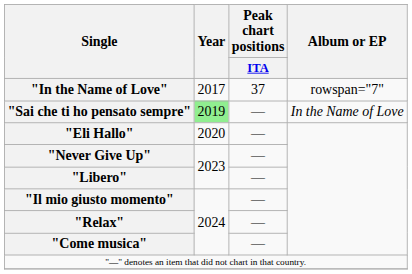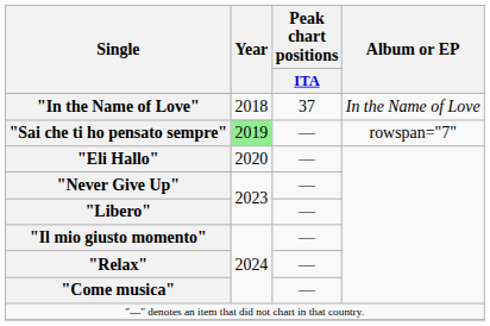 <table class="wikitable plainrowheaders" style="text-align:center;">
 <tr>
 <th scope="col" rowspan="2">Single</th>
 <th scope="col" rowspan="2">Year</th>
 <th scope="col" colspan="1">Peak chart positions</th>
 <th scope="col" rowspan="2">Album or EP</th>
 </tr>
 <tr>
 <th scope="col" style="width:3em;font-size:90%;"><a href='#'>ITA</a><br></th>
 </tr>
 <tr>
 <th scope="row">"In the Name of Love"</th>
-<td>2017</td>
+<td>2018</td>
 <td>37</td>
-<td>rowspan="7" </td>
+<td><em>In the Name of Love</em></td>
 </tr>
 <tr>
 <th scope="row">"Sai che ti ho pensato sempre"</th>
 <td style="background: lightgreen;">2019</td>
 <td>—</td>
-<td><em>In the Name of Love</em></td>
+<td>rowspan="7" </td>
 </tr>
 <tr>
 <th scope="row">"Eli Hallo" </th>
 <td>2020</td>
 <td>—</td>
 </tr>
 <tr>
 <th scope="row">"Never Give Up"</th>
 <td rowspan="2">2023</td>
 <td>—</td>
 </tr>
 <tr>
 <th scope="row">"Libero"</th>
 <td>—</td>
 </tr>
 <tr>
 <th scope="row">"Il mio giusto momento"</th>
 <td rowspan="3">2024</td>
 <td>—</td>
 </tr>
 <tr>
 <th scope="row">"Relax"</th>
 <td>—</td>
 </tr>
 <tr>
 <th scope="row">"Come musica"</th>
 <td>—</td>
 </tr>
 <tr>
 <td colspan="5" style="text-align:center; font-size:8pt;">"—" denotes an item that did not chart in that country.</td>
 </tr>
 <tr>
 </tr>
 </table>
